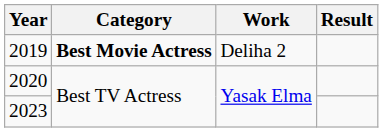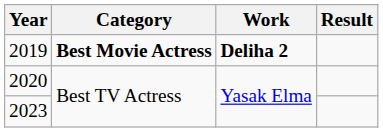 <table class="wikitable">
 <tr>
 <th>Year</th>
 <th>Category</th>
 <th>Work</th>
 <th>Result</th>
 </tr>
 <tr>
 <td>2019</td>
 <td><strong>Best Movie Actress</strong></td>
-<td>Deliha 2</td>
+<td><strong>Deliha 2</strong></td>
 <td></td>
 </tr>
 <tr>
 <td>2020</td>
 <td rowspan="2">Best TV Actress</td>
 <td rowspan="2"><a href='#'>Yasak Elma</a></td>
 <td></td>
 </tr>
 <tr>
 <td>2023</td>
 <td></td>
 </tr>
 </table>
